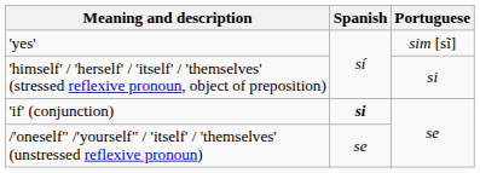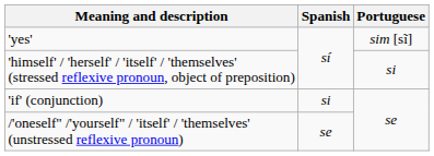 <table class="wikitable">
 <tr align=center>
 <th>Meaning and description</th>
 <th>Spanish</th>
 <th>Portuguese</th>
 </tr>
 <tr>
 <td>'yes'</td>
 <td rowspan="2" style="text-align:center;"><em>sí</em></td>
 <td align=center><em>sim</em> [sĩ]</td>
 </tr>
 <tr>
 <td>'himself' / 'herself' / 'itself' / 'themselves' <br> (stressed <a href='#'>reflexive pronoun</a>, object of preposition)</td>
 <td align=center><em>si</em></td>
 </tr>
 <tr>
 <td>'if' (conjunction)</td>
-<td align=center><strong><em>si</em></strong></td>
+<td align=center><em>si</em></td>
 <td rowspan="2" style="text-align:center;"><em>se</em></td>
 </tr>
 <tr>
 <td>/'oneself" /'yourself" / 'itself' / 'themselves' <br> (unstressed <a href='#'>reflexive pronoun</a>)</td>
 <td align=center><em>se</em></td>
 </tr>
 </table>
